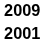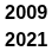 <table>
 <tr>
 <td><strong>2009</strong><br></td>
 </tr>
 <tr>
-<td><strong>2001</strong><br></td>
+<td><strong>2021</strong><br></td>
 </tr>
 </table>
